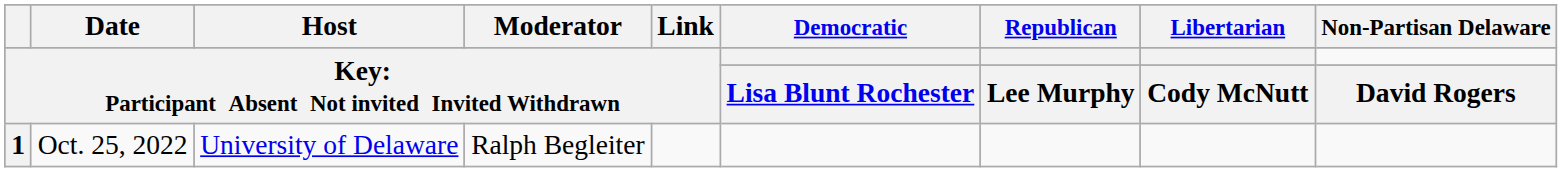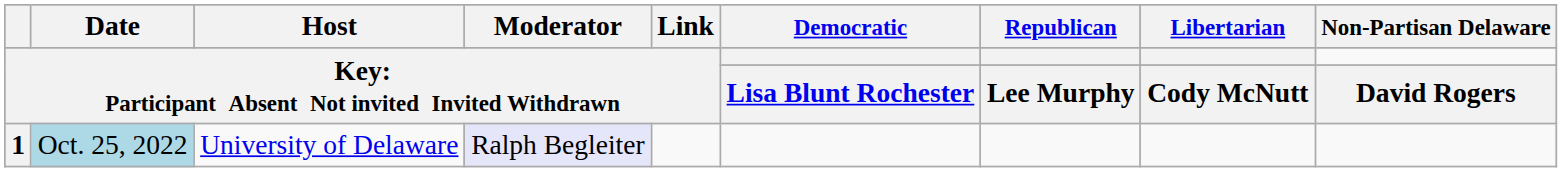 <table class="wikitable" style="text-align:center;">
 <tr>
 <th scope="col"></th>
 <th scope="col">Date</th>
 <th scope="col">Host</th>
 <th scope="col">Moderator</th>
 <th scope="col">Link</th>
 <th scope="col"><small><a href='#'>Democratic</a></small></th>
 <th scope="col"><small><a href='#'>Republican</a></small></th>
 <th scope="col"><small><a href='#'>Libertarian</a></small></th>
 <th scope="col"><small>Non-Partisan Delaware</small></th>
 </tr>
 <tr>
 <th colspan="5" rowspan="2">Key:<br> <small>Participant </small>  <small>Absent </small>  <small>Not invited </small>  <small>Invited  Withdrawn</small></th>
 <th scope="col" style="background:"></th>
 <th scope="col" style="background:"></th>
 <th scope="col" style="background:"></th>
 </tr>
 <tr>
 <th scope="col"><a href='#'>Lisa Blunt Rochester</a></th>
 <th scope="col">Lee Murphy</th>
 <th scope="col">Cody McNutt</th>
 <th scope="col">David Rogers</th>
 </tr>
 <tr>
 <th>1</th>
-<td style="white-space:nowrap;">Oct. 25, 2022</td>
+<td style="background: lightblue; white-space:nowrap;">Oct. 25, 2022</td>
 <td style="white-space:nowrap;"><a href='#'>University of Delaware</a></td>
-<td style="white-space:nowrap;">Ralph Begleiter</td>
+<td style="background: lavender; white-space:nowrap;">Ralph Begleiter</td>
 <td style="white-space:nowrap;"></td>
 <td></td>
 <td></td>
 <td></td>
 <td></td>
 </tr>
 </table>
